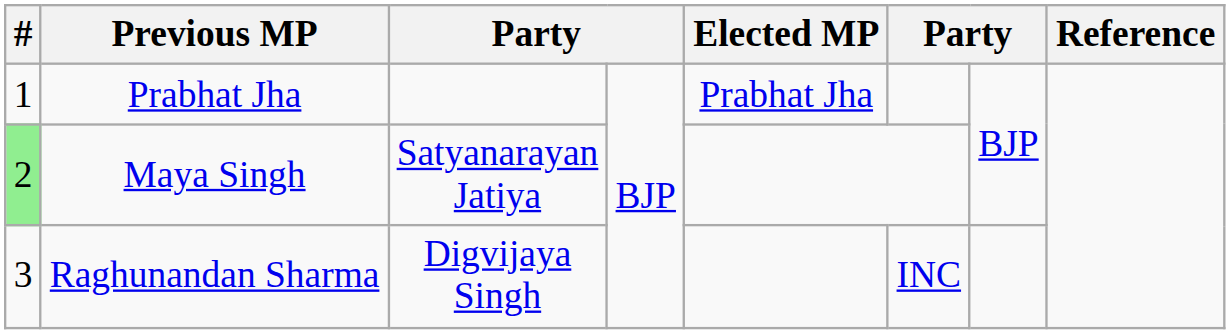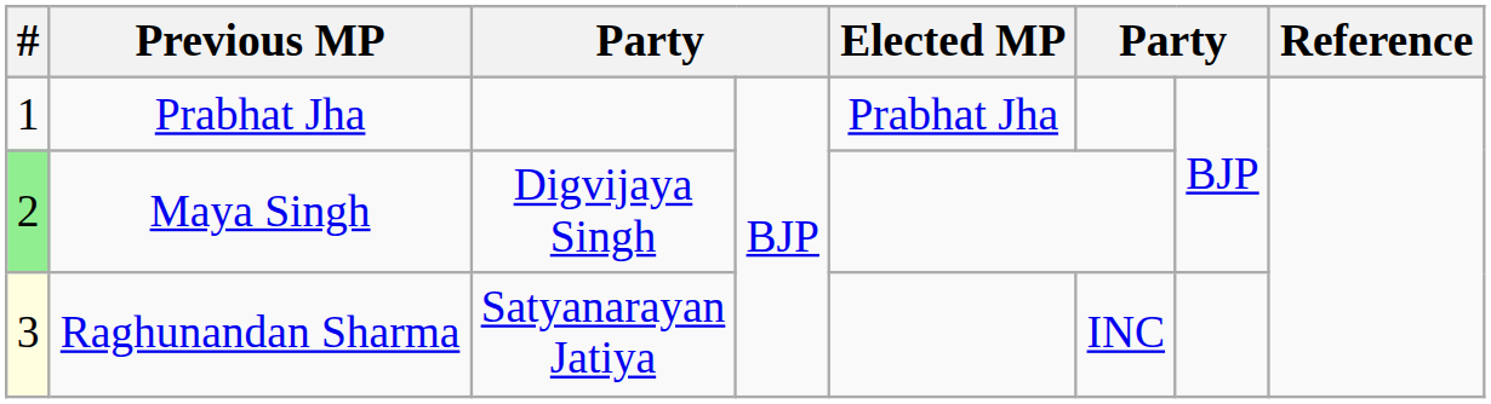 <table class="wikitable">
 <tr>
 <th>#</th>
 <th>Previous MP</th>
 <th colspan=2>Party</th>
 <th>Elected MP</th>
 <th colspan=2>Party</th>
 <th>Reference</th>
 </tr>
 <tr style="text-align:center;">
 <td>1</td>
 <td><a href='#'>Prabhat Jha</a></td>
 <td width="1px"></td>
 <td rowspan=3><a href='#'>BJP</a></td>
 <td><a href='#'>Prabhat Jha</a></td>
 <td width="1px"></td>
 <td rowspan="2"><a href='#'>BJP</a></td>
 <td rowspan=3></td>
 </tr>
 <tr style="text-align:center;">
 <td style="background: lightgreen;">2</td>
 <td><a href='#'>Maya Singh</a></td>
-<td><a href='#'>Satyanarayan Jatiya</a></td>
+<td><a href='#'>Digvijaya Singh</a></td>
 </tr>
 <tr style="text-align:center;">
-<td>3</td>
+<td style="background: lightyellow;">3</td>
 <td><a href='#'>Raghunandan Sharma</a></td>
-<td><a href='#'>Digvijaya Singh</a></td>
+<td><a href='#'>Satyanarayan Jatiya</a></td>
 <td></td>
 <td><a href='#'>INC</a></td>
 </tr>
 </table>
